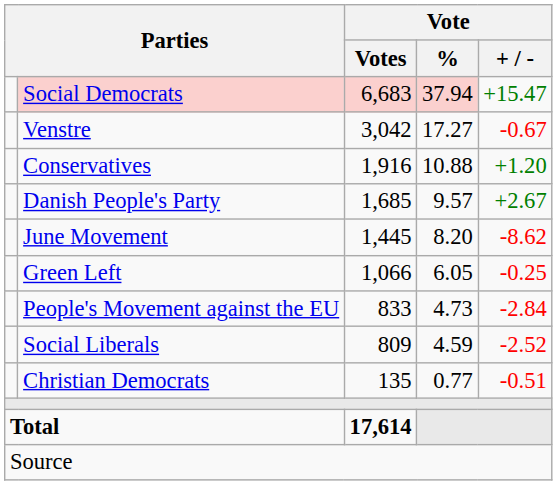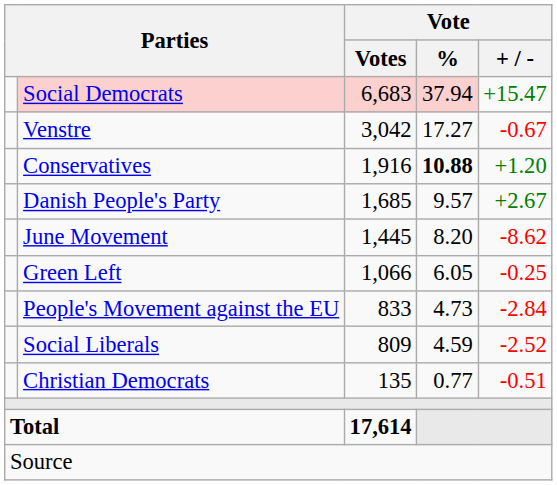 <table class="wikitable" style="text-align:right;">
 <tr>
 <th style="text-align:centre;" rowspan="2" colspan="2" width="225">Parties</th>
 <th colspan="3">Vote</th>
 </tr>
 <tr>
 <th width="15">Votes</th>
 <th width="15">%</th>
 <th width="15">+ / -</th>
 </tr>
 <tr>
 <td width="2" style="color:inherit;background:"></td>
 <td bgcolor=#fbd0ce   align="left"><a href='#'>Social Democrats</a></td>
 <td bgcolor=#fbd0ce>6,683</td>
 <td bgcolor=#fbd0ce>37.94</td>
 <td style=color:green;>+15.47</td>
 </tr>
 <tr>
 <td width="2" style="color:inherit;background:"></td>
 <td align="left"><a href='#'>Venstre</a></td>
 <td>3,042</td>
 <td>17.27</td>
 <td style=color:red;>-0.67</td>
 </tr>
 <tr>
 <td width="2" style="color:inherit;background:"></td>
 <td align="left"><a href='#'>Conservatives</a></td>
 <td>1,916</td>
-<td>10.88</td>
+<td><strong>10.88</strong></td>
 <td style=color:green;>+1.20</td>
 </tr>
 <tr>
 <td width="2" style="color:inherit;background:"></td>
 <td align="left"><a href='#'>Danish People's Party</a></td>
 <td>1,685</td>
 <td>9.57</td>
 <td style=color:green;>+2.67</td>
 </tr>
 <tr>
 <td width="2" style="color:inherit;background:"></td>
 <td align="left"><a href='#'>June Movement</a></td>
 <td>1,445</td>
 <td>8.20</td>
 <td style=color:red;>-8.62</td>
 </tr>
 <tr>
 <td width="2" style="color:inherit;background:"></td>
 <td align="left"><a href='#'>Green Left</a></td>
 <td>1,066</td>
 <td>6.05</td>
 <td style=color:red;>-0.25</td>
 </tr>
 <tr>
 <td width="2" style="color:inherit;background:"></td>
 <td align="left"><a href='#'>People's Movement against the EU</a></td>
 <td>833</td>
 <td>4.73</td>
 <td style=color:red;>-2.84</td>
 </tr>
 <tr>
 <td width="2" style="color:inherit;background:"></td>
 <td align="left"><a href='#'>Social Liberals</a></td>
 <td>809</td>
 <td>4.59</td>
 <td style=color:red;>-2.52</td>
 </tr>
 <tr>
 <td width="2" style="color:inherit;background:"></td>
 <td align="left"><a href='#'>Christian Democrats</a></td>
 <td>135</td>
 <td>0.77</td>
 <td style=color:red;>-0.51</td>
 </tr>
 <tr>
 <td colspan="7" bgcolor="#E9E9E9"></td>
 </tr>
 <tr>
 <td align="left" colspan="2"><strong>Total</strong></td>
 <td><strong>17,614</strong></td>
 <td bgcolor="#E9E9E9" colspan="2"></td>
 </tr>
 <tr>
 <td align="left" colspan="6">Source</td>
 </tr>
 </table>
